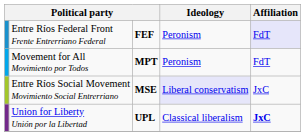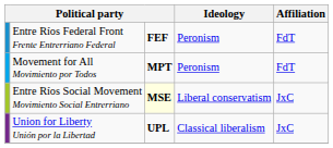 <table class="wikitable">
 <tr>
 <th colspan=3>Political party</th>
 <th>Ideology</th>
 <th>Affiliation</th>
 </tr>
 <tr>
 <th style="background:#1991cd;"></th>
 <td>Entre Ríos Federal Front<br><small><em>Frente Entrerriano Federal</em></small></td>
 <td><strong>FEF</strong></td>
 <td><a href='#'>Peronism</a></td>
-<td style="background: lavender;"><a href='#'>FdT</a></td>
+<td><a href='#'>FdT</a></td>
 </tr>
 <tr>
 <th style="background:#01a7eb;"></th>
 <td>Movement for All<br><small><em>Movimiento por Todos</em></small></td>
 <td><strong>MPT</strong></td>
 <td><a href='#'>Peronism</a></td>
 <td><a href='#'>FdT</a></td>
 </tr>
 <tr>
 <th style="background:#a3c729;"></th>
 <td>Entre Ríos Social Movement<br><small><em>Movimiento Social Entrerriano</em></small></td>
-<td><strong>MSE</strong></td>
-<td style="background: lavender;"><a href='#'>Liberal conservatism</a></td>
+<td style="background: lightyellow;"><strong>MSE</strong></td>
+<td><a href='#'>Liberal conservatism</a></td>
 <td><a href='#'>JxC</a></td>
 </tr>
 <tr>
 <th style="background:#73288b;"></th>
 <td><a href='#'>Union for Liberty</a><br><small><em>Unión por la Libertad</em></small></td>
 <td><strong>UPL</strong></td>
 <td><a href='#'>Classical liberalism</a></td>
-<td><strong><a href='#'>JxC</a></strong></td>
+<td><a href='#'>JxC</a></td>
 </tr>
 <tr>
 </tr>
 </table>
